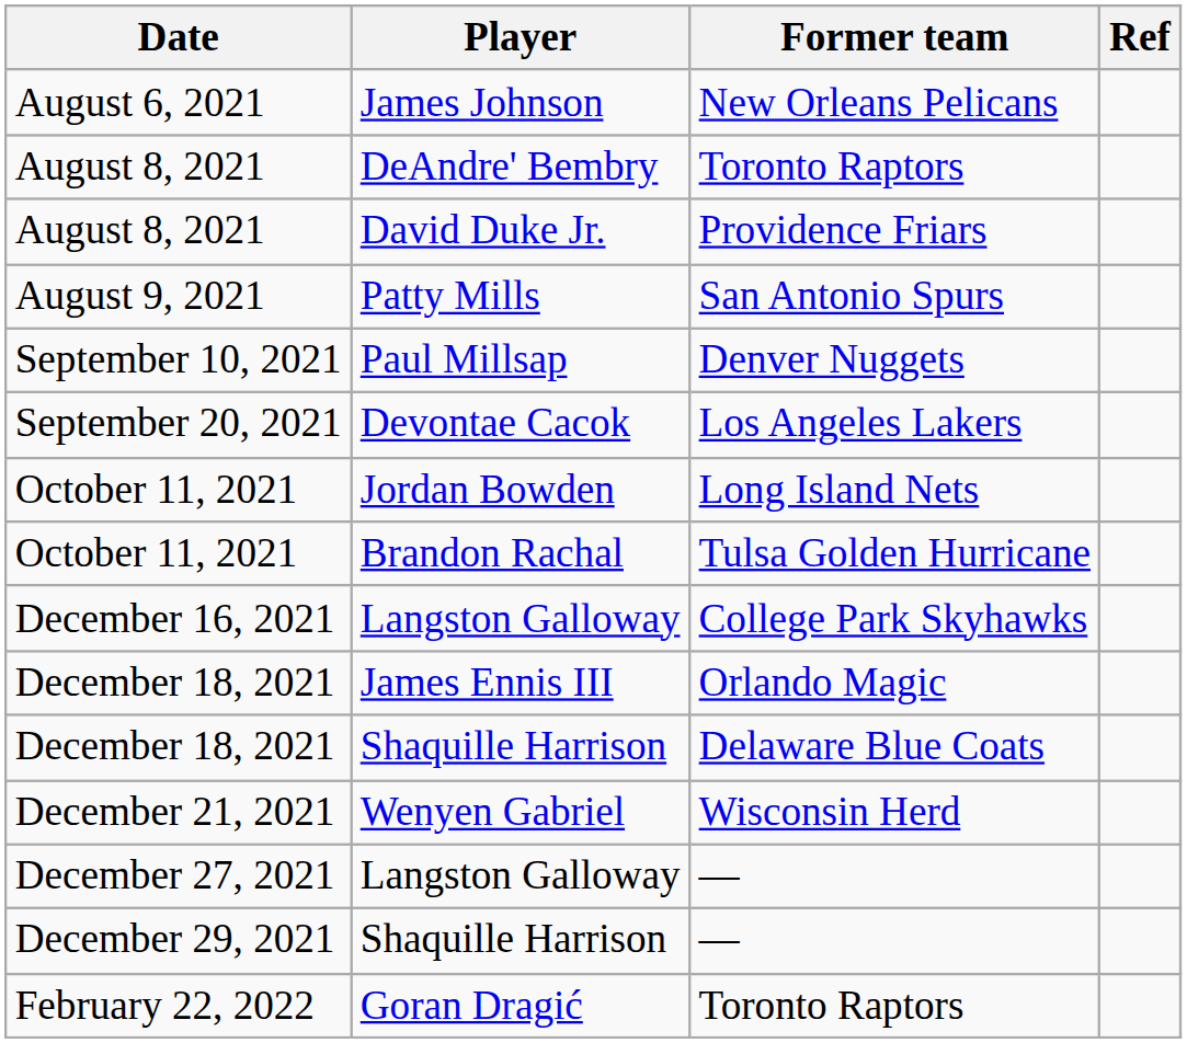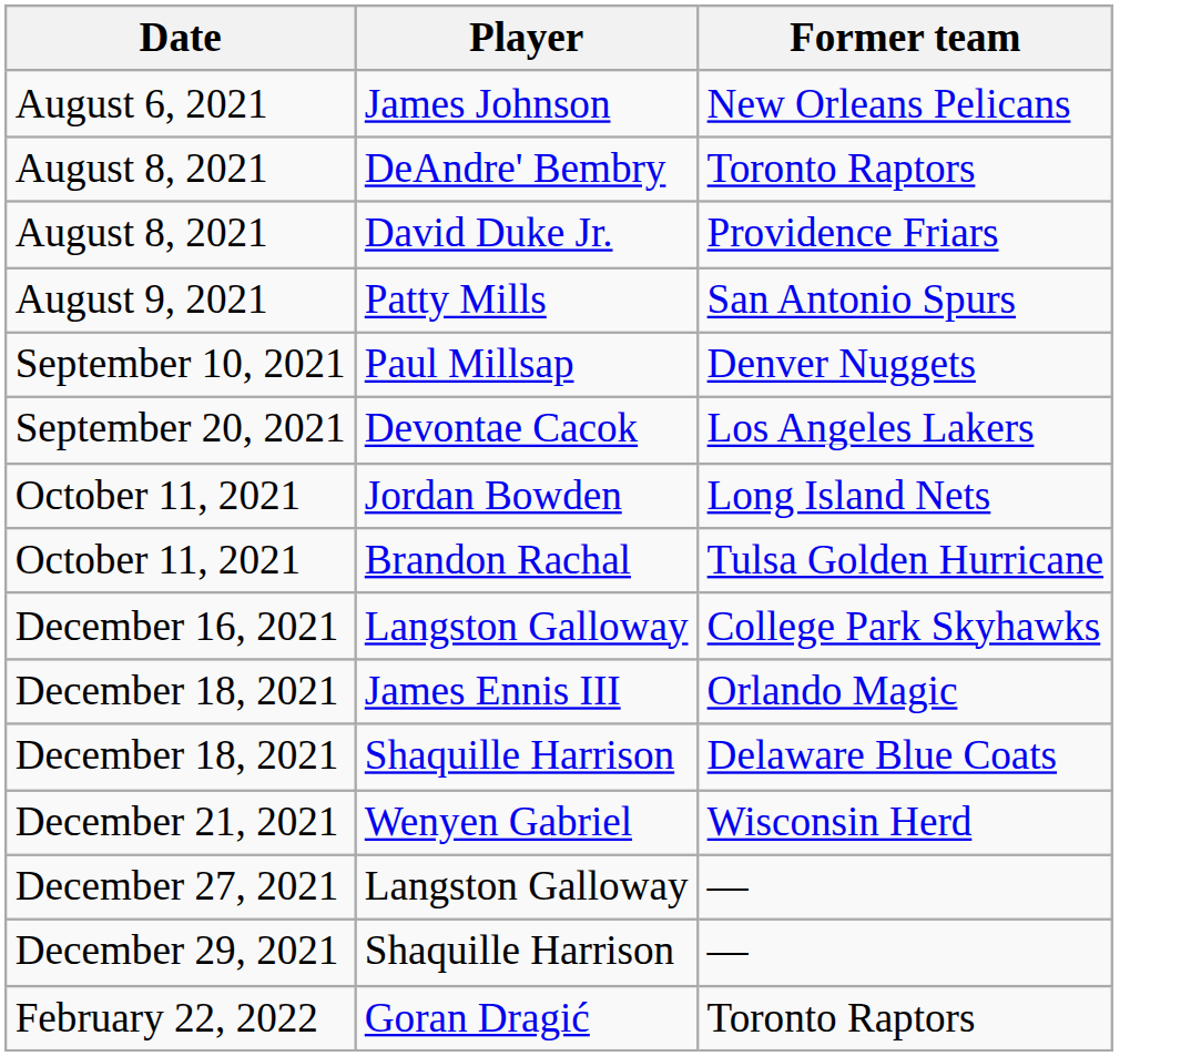 <table class="wikitable" style="text-align:left;">
 <tr>
 <th>Date</th>
 <th>Player</th>
 <th>Former team</th>
-<th>Ref</th>
 </tr>
 <tr>
 <td>August 6, 2021</td>
 <td><a href='#'>James Johnson</a></td>
 <td><a href='#'>New Orleans Pelicans</a></td>
-<td></td>
 </tr>
 <tr>
 <td>August 8, 2021</td>
 <td><a href='#'>DeAndre' Bembry</a></td>
 <td><a href='#'>Toronto Raptors</a></td>
-<td></td>
 </tr>
 <tr>
 <td>August 8, 2021</td>
 <td><a href='#'>David Duke Jr.</a></td>
 <td><a href='#'>Providence Friars</a></td>
-<td></td>
 </tr>
 <tr>
 <td>August 9, 2021</td>
 <td><a href='#'>Patty Mills</a></td>
 <td><a href='#'>San Antonio Spurs</a></td>
-<td></td>
 </tr>
 <tr>
 <td>September 10, 2021</td>
 <td><a href='#'>Paul Millsap</a></td>
 <td><a href='#'>Denver Nuggets</a></td>
-<td></td>
 </tr>
 <tr>
 <td>September 20, 2021</td>
 <td><a href='#'>Devontae Cacok</a></td>
 <td><a href='#'>Los Angeles Lakers</a></td>
-<td></td>
 </tr>
 <tr>
 <td>October 11, 2021</td>
 <td><a href='#'>Jordan Bowden</a></td>
 <td><a href='#'>Long Island Nets</a></td>
-<td></td>
 </tr>
 <tr>
 <td>October 11, 2021</td>
 <td><a href='#'>Brandon Rachal</a></td>
 <td><a href='#'>Tulsa Golden Hurricane</a></td>
-<td></td>
 </tr>
 <tr>
 <td>December 16, 2021</td>
 <td><a href='#'>Langston Galloway</a></td>
 <td><a href='#'>College Park Skyhawks</a></td>
-<td></td>
 </tr>
 <tr>
 <td>December 18, 2021</td>
 <td><a href='#'>James Ennis III</a></td>
 <td><a href='#'>Orlando Magic</a></td>
-<td></td>
 </tr>
 <tr>
 <td>December 18, 2021</td>
 <td><a href='#'>Shaquille Harrison</a></td>
 <td><a href='#'>Delaware Blue Coats</a></td>
-<td></td>
 </tr>
 <tr>
 <td>December 21, 2021</td>
 <td><a href='#'>Wenyen Gabriel</a></td>
 <td><a href='#'>Wisconsin Herd</a></td>
-<td></td>
 </tr>
 <tr>
 <td>December 27, 2021</td>
 <td>Langston Galloway</td>
 <td>—</td>
-<td></td>
 </tr>
 <tr>
 <td>December 29, 2021</td>
 <td>Shaquille Harrison</td>
 <td>—</td>
-<td></td>
 </tr>
 <tr>
 <td>February 22, 2022</td>
 <td><a href='#'>Goran Dragić</a></td>
 <td>Toronto Raptors</td>
-<td></td>
 </tr>
 </table>
